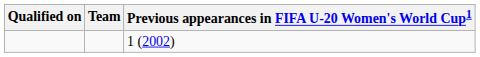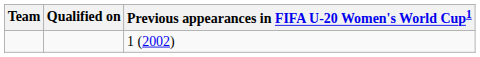 <table class="wikitable sortable">
 <tr>
+<th>Team</th>
 <th>Qualified on</th>
-<th>Team</th>
 <th data-sort-type="number">Previous appearances in <a href='#'>FIFA U-20 Women's World Cup</a><sup><strong><a href='#'>1</a></strong></sup></th>
 </tr>
 <tr>
 <td></td>
 <td></td>
 <td>1 (<a href='#'>2002</a>)</td>
 </tr>
 </table>
